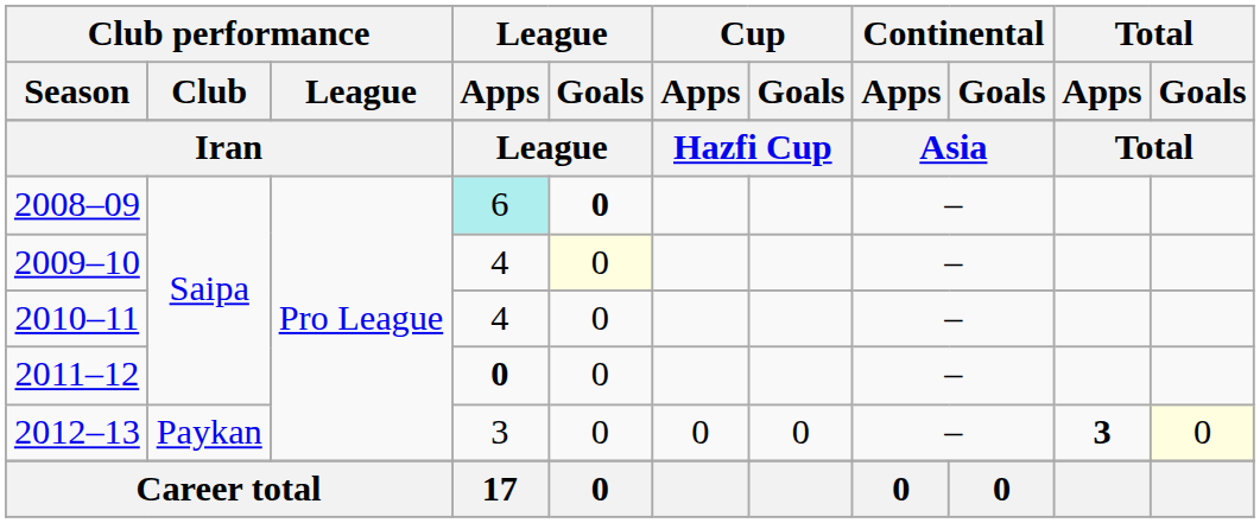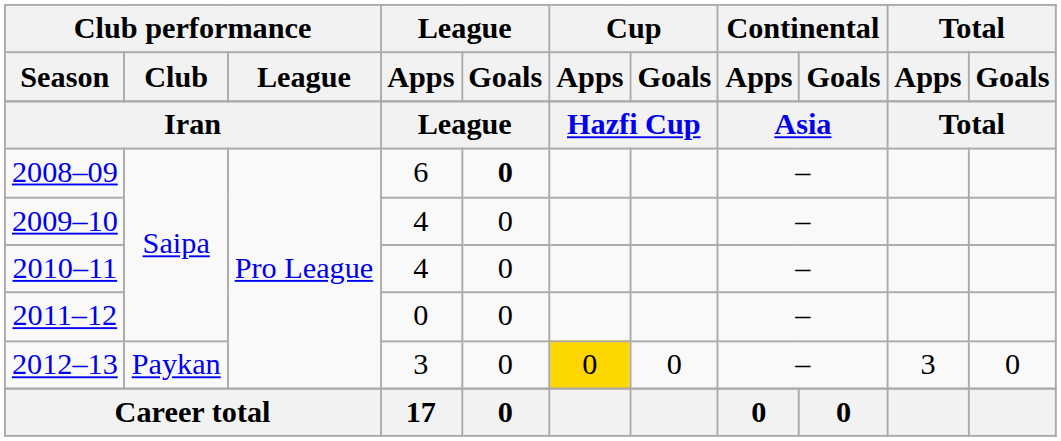 <table class="wikitable" style="text-align:center">
 <tr>
 <th colspan=3>Club performance</th>
 <th colspan=2>League</th>
 <th colspan=2>Cup</th>
 <th colspan=2>Continental</th>
 <th colspan=2>Total</th>
 </tr>
 <tr>
 <th>Season</th>
 <th>Club</th>
 <th>League</th>
 <th>Apps</th>
 <th>Goals</th>
 <th>Apps</th>
 <th>Goals</th>
 <th>Apps</th>
 <th>Goals</th>
 <th>Apps</th>
 <th>Goals</th>
 </tr>
 <tr>
 </tr>
 <tr>
 <th colspan=3>Iran</th>
 <th colspan=2>League</th>
 <th colspan=2><a href='#'>Hazfi Cup</a></th>
 <th colspan=2><a href='#'>Asia</a></th>
 <th colspan=2>Total</th>
 </tr>
 <tr>
 <td><a href='#'>2008–09</a></td>
 <td rowspan="4"><a href='#'>Saipa</a></td>
 <td rowspan="5"><a href='#'>Pro League</a></td>
-<td style="background: paleturquoise;">6</td>
+<td>6</td>
 <td><strong>0</strong></td>
 <td></td>
 <td></td>
 <td colspan="2">–</td>
 <td></td>
 <td></td>
 </tr>
 <tr>
 <td><a href='#'>2009–10</a></td>
 <td>4</td>
-<td style="background: lightyellow;">0</td>
+<td>0</td>
 <td></td>
 <td></td>
 <td colspan="2">–</td>
 <td></td>
 <td></td>
 </tr>
 <tr>
 <td><a href='#'>2010–11</a></td>
 <td>4</td>
 <td>0</td>
 <td></td>
 <td></td>
 <td colspan="2">–</td>
 <td></td>
 <td></td>
 </tr>
 <tr>
 <td><a href='#'>2011–12</a></td>
-<td><strong>0</strong></td>
+<td>0</td>
 <td>0</td>
 <td></td>
 <td></td>
 <td colspan="2">–</td>
 <td></td>
 <td></td>
 </tr>
 <tr>
 <td><a href='#'>2012–13</a></td>
 <td><a href='#'>Paykan</a></td>
 <td>3</td>
 <td>0</td>
-<td>0</td>
+<td style="background: gold;">0</td>
 <td>0</td>
 <td colspan="2">–</td>
-<td><strong>3</strong></td>
-<td style="background: lightyellow;">0</td>
+<td>3</td>
+<td>0</td>
 </tr>
 <tr>
 </tr>
 <tr>
 <th colspan=3>Career total</th>
 <th>17</th>
 <th>0</th>
 <th></th>
 <th></th>
 <th>0</th>
 <th>0</th>
 <th></th>
 <th></th>
 </tr>
 </table>
